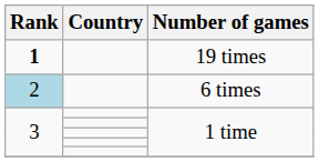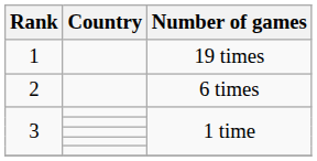 <table class="wikitable" style="text-align:center; font-size:90%;">
 <tr>
 <th>Rank</th>
 <th>Country</th>
 <th>Number of games</th>
 </tr>
 <tr>
-<td><strong>1</strong></td>
+<td>1</td>
 <td style="text-align:left;"></td>
 <td>19 times</td>
 </tr>
 <tr>
-<td style="background: lightblue;">2</td>
+<td>2</td>
 <td style="text-align:left;"></td>
 <td>6 times</td>
 </tr>
 <tr>
 <td rowspan=5>3</td>
 <td style="text-align:left;"></td>
 <td rowspan=5>1 time</td>
 </tr>
 <tr>
 <td style="text-align:left;"></td>
 </tr>
 <tr>
 <td style="text-align:left;"></td>
 </tr>
 <tr>
 <td style="text-align:left;"></td>
 </tr>
 <tr>
 <td style="text-align:left;"></td>
 </tr>
 <tr>
 </tr>
 </table>
